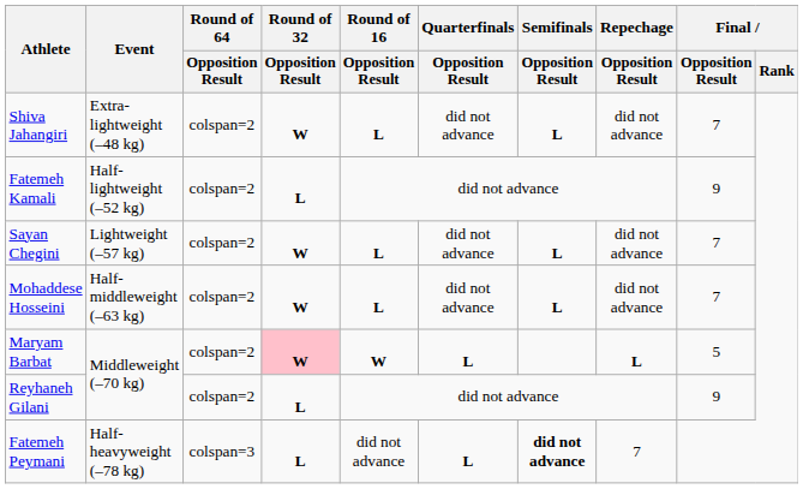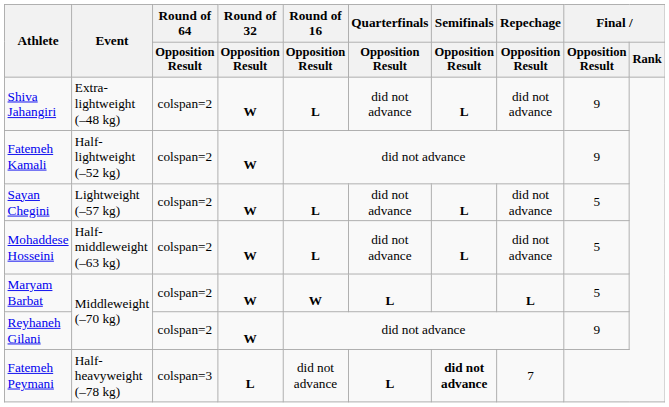 <table class="wikitable" style="font-size:90%">
 <tr>
 <th rowspan="2">Athlete</th>
 <th rowspan="2">Event</th>
 <th>Round of 64</th>
 <th>Round of 32</th>
 <th>Round of 16</th>
 <th>Quarterfinals</th>
 <th>Semifinals</th>
 <th>Repechage</th>
 <th colspan=2>Final / </th>
 </tr>
 <tr style="font-size:95%">
 <th>Opposition<br>Result</th>
 <th>Opposition<br>Result</th>
 <th>Opposition<br>Result</th>
 <th>Opposition<br>Result</th>
 <th>Opposition<br>Result</th>
 <th>Opposition<br>Result</th>
 <th>Opposition<br>Result</th>
 <th>Rank</th>
 </tr>
 <tr align=center>
 <td align=left><a href='#'>Shiva Jahangiri</a></td>
 <td align=left>Extra-lightweight (–48 kg)</td>
 <td>colspan=2 </td>
 <td><br><strong>W</strong></td>
 <td><br><strong>L</strong></td>
 <td>did not advance</td>
 <td><br><strong>L</strong></td>
 <td>did not advance</td>
-<td>7</td>
+<td>9</td>
 </tr>
 <tr align=center>
 <td align=left><a href='#'>Fatemeh Kamali</a></td>
 <td align=left>Half-lightweight (–52 kg)</td>
 <td>colspan=2 </td>
-<td><br><strong>L</strong></td>
+<td><br><strong>W</strong></td>
 <td colspan=4>did not advance</td>
 <td>9</td>
 </tr>
 <tr align=center>
 <td align=left><a href='#'>Sayan Chegini</a></td>
 <td align=left>Lightweight (–57 kg)</td>
 <td>colspan=2 </td>
 <td><br><strong>W</strong></td>
 <td><br><strong>L</strong></td>
 <td>did not advance</td>
 <td><br><strong>L</strong></td>
 <td>did not advance</td>
-<td>7</td>
+<td>5</td>
 </tr>
 <tr align=center>
 <td align=left><a href='#'>Mohaddese Hosseini</a></td>
 <td align=left>Half-middleweight (–63 kg)</td>
 <td>colspan=2 </td>
 <td><br><strong>W</strong></td>
 <td><br><strong>L</strong></td>
 <td>did not advance</td>
 <td><br><strong>L</strong></td>
 <td>did not advance</td>
-<td>7</td>
+<td>5</td>
 </tr>
 <tr align=center>
 <td align=left><a href='#'>Maryam Barbat</a></td>
 <td align=left rowspan=2>Middleweight (–70 kg)</td>
 <td>colspan=2 </td>
-<td style="background: pink;"><br><strong>W</strong></td>
+<td><br><strong>W</strong></td>
 <td><br><strong>W</strong></td>
 <td><br><strong>L</strong></td>
 <td></td>
 <td><br><strong>L</strong></td>
 <td>5</td>
 </tr>
 <tr align=center>
 <td align=left><a href='#'>Reyhaneh Gilani</a></td>
 <td>colspan=2 </td>
-<td><br><strong>L</strong></td>
+<td><br><strong>W</strong></td>
 <td colspan=4>did not advance</td>
 <td>9</td>
 </tr>
 <tr align=center>
 <td align=left><a href='#'>Fatemeh Peymani</a></td>
 <td align=left>Half-heavyweight (–78 kg)</td>
 <td>colspan=3 </td>
 <td><br><strong>L</strong></td>
 <td>did not advance</td>
 <td><br><strong>L</strong></td>
 <td><strong>did not advance</strong></td>
 <td>7</td>
 </tr>
 </table>
